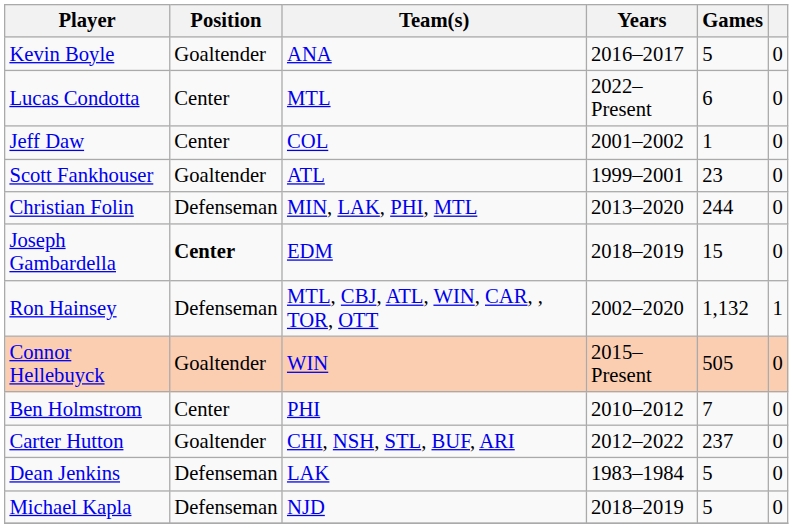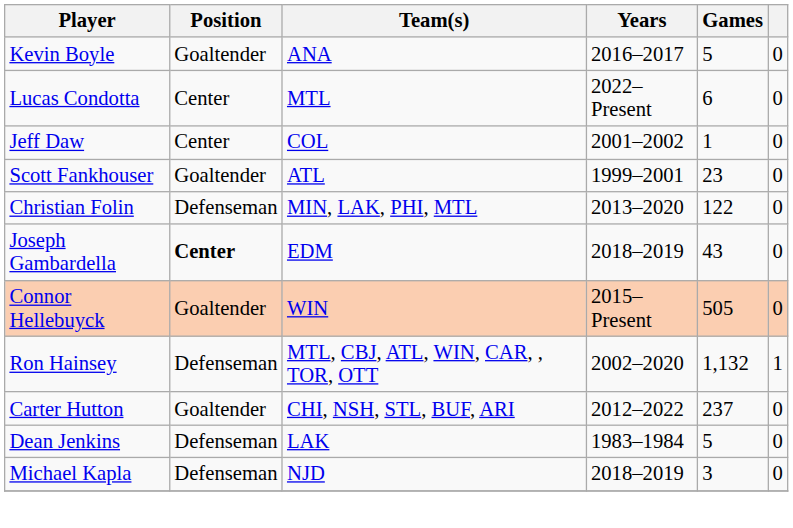 <table class="wikitable sortable">
 <tr>
 <th>Player</th>
 <th>Position</th>
 <th>Team(s)</th>
 <th>Years</th>
 <th>Games</th>
 <th><a href='#'></a></th>
 </tr>
 <tr>
 <td><a href='#'>Kevin Boyle</a></td>
 <td>Goaltender</td>
 <td><a href='#'>ANA</a></td>
 <td>2016–2017</td>
 <td>5</td>
 <td>0</td>
 </tr>
 <tr>
 <td><a href='#'>Lucas Condotta</a></td>
 <td>Center</td>
 <td><a href='#'>MTL</a></td>
 <td>2022–Present</td>
 <td>6</td>
 <td>0</td>
 </tr>
 <tr>
 <td><a href='#'>Jeff Daw</a></td>
 <td>Center</td>
 <td><a href='#'>COL</a></td>
 <td>2001–2002</td>
 <td>1</td>
 <td>0</td>
 </tr>
 <tr>
 <td><a href='#'>Scott Fankhouser</a></td>
 <td>Goaltender</td>
 <td><a href='#'>ATL</a></td>
 <td>1999–2001</td>
 <td>23</td>
 <td>0</td>
 </tr>
 <tr>
 <td><a href='#'>Christian Folin</a></td>
 <td>Defenseman</td>
 <td><a href='#'>MIN</a>, <a href='#'>LAK</a>, <a href='#'>PHI</a>, <a href='#'>MTL</a></td>
 <td>2013–2020</td>
-<td>244</td>
+<td>122</td>
 <td>0</td>
 </tr>
 <tr>
 <td><a href='#'>Joseph Gambardella</a></td>
 <td><strong>Center</strong></td>
 <td><a href='#'>EDM</a></td>
 <td>2018–2019</td>
-<td>15</td>
+<td>43</td>
 <td>0</td>
-</tr>
-<tr>
-<td><a href='#'>Ron Hainsey</a></td>
-<td>Defenseman</td>
-<td><a href='#'>MTL</a>, <a href='#'>CBJ</a>, <a href='#'>ATL</a>, <a href='#'>WIN</a>, <a href='#'>CAR</a>, <span><strong></strong></span>, <a href='#'>TOR</a>, <a href='#'>OTT</a></td>
-<td>2002–2020</td>
-<td>1,132</td>
-<td>1</td>
 </tr>
 <tr bgcolor=#FBCEB1>
 <td><a href='#'>Connor Hellebuyck</a></td>
 <td>Goaltender</td>
 <td><a href='#'>WIN</a></td>
 <td>2015–Present</td>
 <td>505</td>
 <td>0</td>
 </tr>
 <tr>
-<td><a href='#'>Ben Holmstrom</a></td>
-<td>Center</td>
-<td><a href='#'>PHI</a></td>
-<td>2010–2012</td>
-<td>7</td>
-<td>0</td>
+<td><a href='#'>Ron Hainsey</a></td>
+<td>Defenseman</td>
+<td><a href='#'>MTL</a>, <a href='#'>CBJ</a>, <a href='#'>ATL</a>, <a href='#'>WIN</a>, <a href='#'>CAR</a>, <span><strong></strong></span>, <a href='#'>TOR</a>, <a href='#'>OTT</a></td>
+<td>2002–2020</td>
+<td>1,132</td>
+<td>1</td>
 </tr>
 <tr>
 <td><a href='#'>Carter Hutton</a></td>
 <td>Goaltender</td>
 <td><a href='#'>CHI</a>, <a href='#'>NSH</a>, <a href='#'>STL</a>, <a href='#'>BUF</a>, <a href='#'>ARI</a></td>
 <td>2012–2022</td>
 <td>237</td>
 <td>0</td>
 </tr>
 <tr>
 <td><a href='#'>Dean Jenkins</a></td>
 <td>Defenseman</td>
 <td><a href='#'>LAK</a></td>
 <td>1983–1984</td>
 <td>5</td>
 <td>0</td>
 </tr>
 <tr>
 <td><a href='#'>Michael Kapla</a></td>
 <td>Defenseman</td>
 <td><a href='#'>NJD</a></td>
 <td>2018–2019</td>
-<td>5</td>
+<td>3</td>
 <td>0</td>
 </tr>
 <tr>
 </tr>
 </table>
